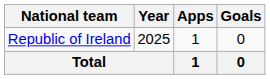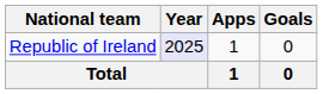 <table class="wikitable" style="text-align:center">
 <tr>
 <th>National team</th>
 <th>Year</th>
 <th>Apps</th>
 <th>Goals</th>
 </tr>
 <tr>
 <td rowspan="1"><a href='#'>Republic of Ireland</a></td>
-<td>2025</td>
+<td style="background: lavender;">2025</td>
 <td>1</td>
 <td>0</td>
 </tr>
 <tr>
 <th colspan="2">Total</th>
 <th>1</th>
 <th>0</th>
 </tr>
 </table>
